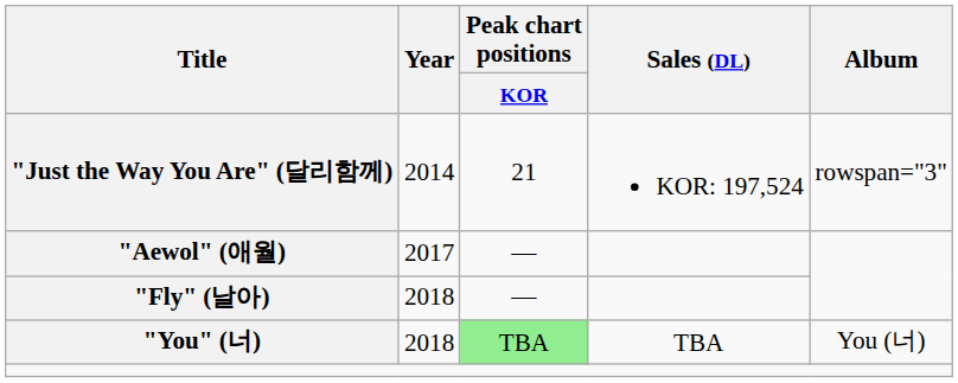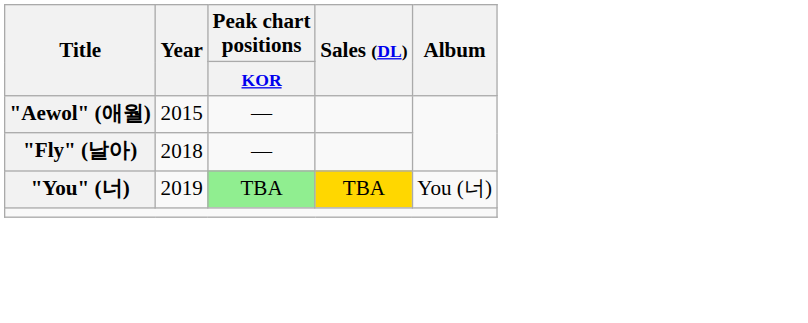 <table class="wikitable plainrowheaders" style="text-align:center;">
 <tr>
 <th scope="col" rowspan="2">Title</th>
 <th scope="col" rowspan="2">Year</th>
 <th scope="col" colspan="1">Peak chart <br> positions</th>
 <th scope="col" rowspan="2">Sales <small>(<a href='#'>DL</a>)</small></th>
 <th scope="col" rowspan="2">Album</th>
 </tr>
 <tr>
 <th><small><a href='#'>KOR</a></small><br></th>
 </tr>
 <tr>
-<th scope="row">"Just the Way You Are" (달리함께)<br></th>
-<td>2014</td>
-<td>21</td>
-<td><br><ul><li>KOR: 197,524</li></ul></td>
-<td>rowspan="3" </td>
-</tr>
-<tr>
 <th scope="row">"Aewol" (애월)<br></th>
-<td>2017</td>
+<td>2015</td>
 <td>—</td>
 <td></td>
 </tr>
 <tr>
 <th scope="row">"Fly" (날아)<br></th>
 <td>2018</td>
 <td>—</td>
 <td></td>
 </tr>
 <tr>
 <th scope="row">"You" (너)<br></th>
-<td>2018</td>
+<td>2019</td>
 <td style="background: lightgreen;">TBA</td>
-<td>TBA</td>
+<td style="background: gold;">TBA</td>
 <td>You (너)</td>
 </tr>
 <tr>
 <td colspan="5"></td>
 </tr>
 </table>
